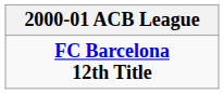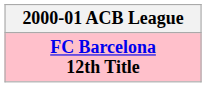 <table class="wikitable" style="margin: 0 auto; width: 20%;">
 <tr>
 <th>2000-01 ACB League</th>
 </tr>
 <tr>
-<td align=center><strong><a href='#'>FC Barcelona</a></strong><br><strong>12th Title</strong></td>
+<td align=center style="background: pink;"><strong><a href='#'>FC Barcelona</a></strong><br><strong>12th Title</strong></td>
 </tr>
 </table>
